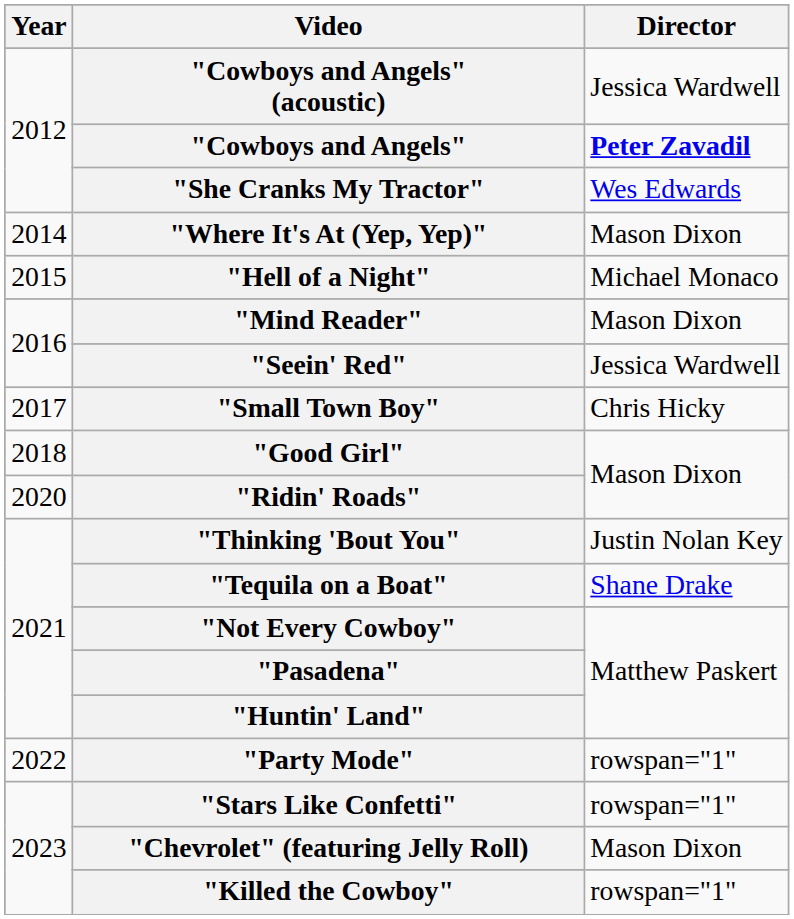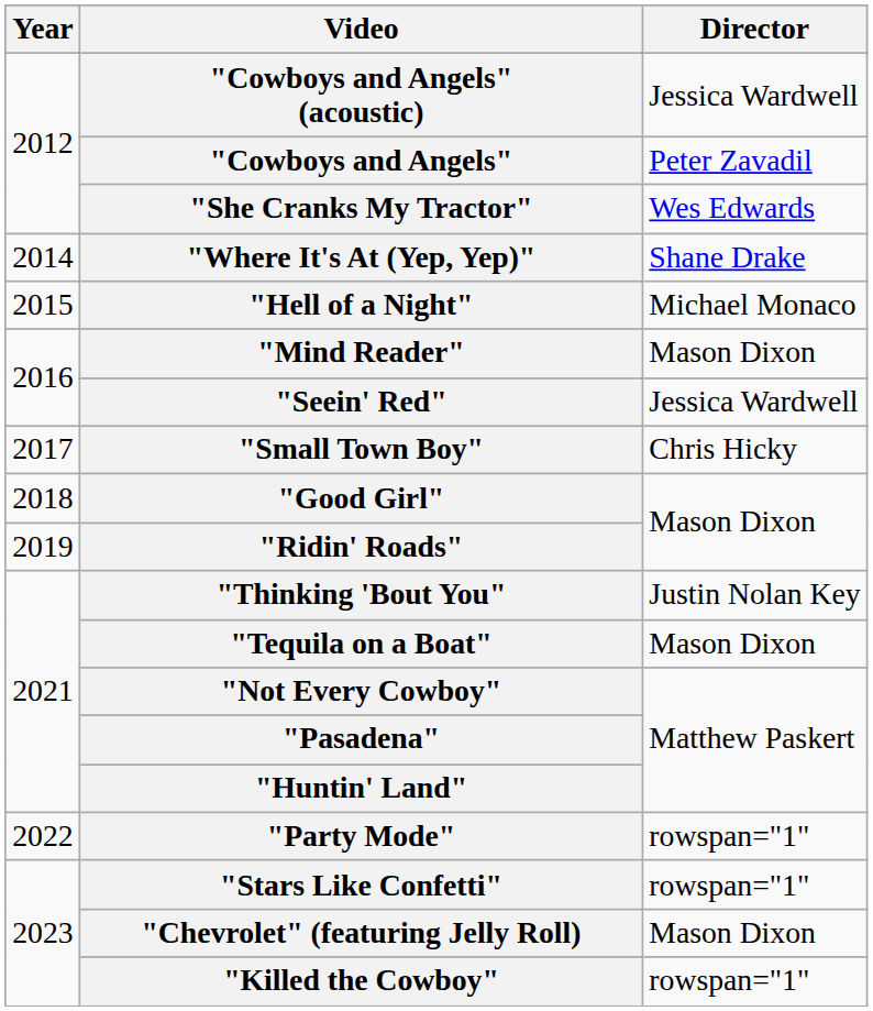 <table class="wikitable plainrowheaders">
 <tr>
 <th>Year</th>
 <th style="width:18em;">Video</th>
 <th>Director</th>
 </tr>
 <tr>
 <td rowspan="3">2012</td>
 <th scope="row">"Cowboys and Angels" <br><span>(acoustic)</span></th>
 <td>Jessica Wardwell</td>
 </tr>
 <tr>
 <th scope="row">"Cowboys and Angels"</th>
-<td><strong><a href='#'>Peter Zavadil</a></strong></td>
+<td><a href='#'>Peter Zavadil</a></td>
 </tr>
 <tr>
 <th scope="row">"She Cranks My Tractor"</th>
 <td><a href='#'>Wes Edwards</a></td>
 </tr>
 <tr>
 <td>2014</td>
 <th scope="row">"Where It's At (Yep, Yep)"</th>
-<td>Mason Dixon</td>
+<td><a href='#'>Shane Drake</a></td>
 </tr>
 <tr>
 <td>2015</td>
 <th scope="row">"Hell of a Night"</th>
 <td>Michael Monaco</td>
 </tr>
 <tr>
 <td rowspan="2">2016</td>
 <th scope="row">"Mind Reader"</th>
 <td>Mason Dixon</td>
 </tr>
 <tr>
 <th scope="row">"Seein' Red"</th>
 <td>Jessica Wardwell</td>
 </tr>
 <tr>
 <td>2017</td>
 <th scope="row">"Small Town Boy"</th>
 <td>Chris Hicky</td>
 </tr>
 <tr>
 <td>2018</td>
 <th scope="row">"Good Girl"</th>
 <td rowspan="2">Mason Dixon</td>
 </tr>
 <tr>
-<td>2020</td>
+<td>2019</td>
 <th scope="row">"Ridin' Roads"</th>
 </tr>
 <tr>
 <td rowspan="5">2021</td>
 <th scope="row">"Thinking 'Bout You" </th>
 <td>Justin Nolan Key</td>
 </tr>
 <tr>
 <th scope="row">"Tequila on a Boat" </th>
-<td><a href='#'>Shane Drake</a></td>
+<td>Mason Dixon</td>
 </tr>
 <tr>
 <th scope="row">"Not Every Cowboy"</th>
 <td rowspan="3">Matthew Paskert</td>
 </tr>
 <tr>
 <th scope="row">"Pasadena"</th>
 </tr>
 <tr>
 <th scope="row">"Huntin' Land" </th>
 </tr>
 <tr>
 <td>2022</td>
 <th scope="row">"Party Mode"</th>
 <td>rowspan="1" </td>
 </tr>
 <tr>
 <td rowspan="3">2023</td>
 <th scope="row">"Stars Like Confetti"</th>
 <td>rowspan="1" </td>
 </tr>
 <tr>
 <th scope="row">"Chevrolet" (featuring Jelly Roll)</th>
 <td>Mason Dixon</td>
 </tr>
 <tr>
 <th scope="row">"Killed the Cowboy"</th>
 <td>rowspan="1" </td>
 </tr>
 </table>
